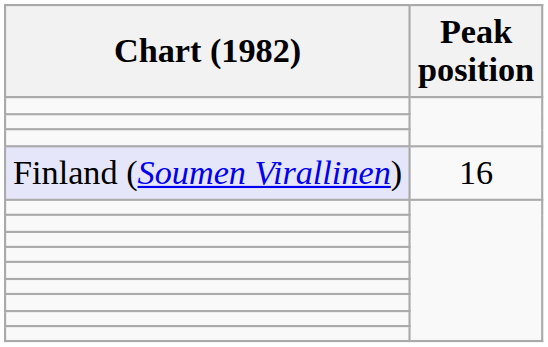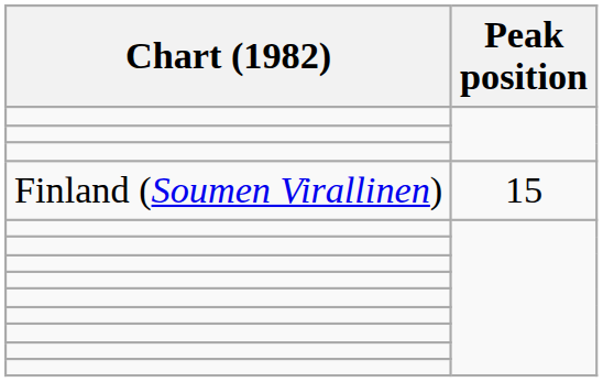 <table class="wikitable sortable plainrowheaders">
 <tr>
 <th scope="col">Chart (1982)</th>
 <th scope="col">Peak<br>position</th>
 </tr>
 <tr>
 <td></td>
 </tr>
 <tr>
 <td></td>
 </tr>
 <tr>
 <td></td>
 </tr>
 <tr>
-<td align="left" style="background: lavender;">Finland (<a href='#'><em>Soumen Virallinen</em></a>)</td>
-<td style="text-align:center;">16</td>
+<td align="left">Finland (<a href='#'><em>Soumen Virallinen</em></a>)</td>
+<td style="text-align:center;">15</td>
 </tr>
 <tr>
 <td></td>
 </tr>
 <tr>
 <td></td>
 </tr>
 <tr>
 <td></td>
 </tr>
 <tr>
 <td></td>
 </tr>
 <tr>
 <td></td>
 </tr>
 <tr>
 <td></td>
 </tr>
 <tr>
 <td></td>
 </tr>
 <tr>
 <td></td>
 </tr>
 <tr>
 <td></td>
 </tr>
 </table>
